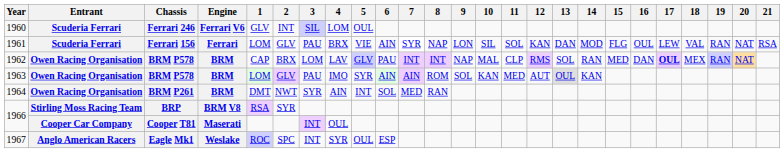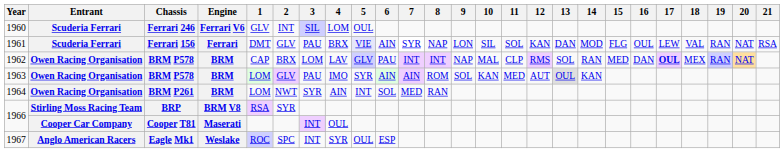 <table class="wikitable" style="text-align:center; font-size:90%">
 <tr>
 <th>Year</th>
 <th>Entrant</th>
 <th>Chassis</th>
 <th>Engine</th>
 <th>1</th>
 <th>2</th>
 <th>3</th>
 <th>4</th>
 <th>5</th>
 <th>6</th>
 <th>7</th>
 <th>8</th>
 <th>9</th>
 <th>10</th>
 <th>11</th>
 <th>12</th>
 <th>13</th>
 <th>14</th>
 <th>15</th>
 <th>16</th>
 <th>17</th>
 <th>18</th>
 <th>19</th>
 <th>20</th>
 <th>21</th>
 </tr>
 <tr>
 <td>1960</td>
 <th><a href='#'>Scuderia Ferrari</a></th>
 <th><a href='#'>Ferrari</a> <a href='#'>246</a></th>
 <th><a href='#'>Ferrari</a> <a href='#'>V6</a></th>
 <td><a href='#'>GLV</a></td>
 <td><a href='#'>INT</a></td>
 <td style="background:#CFCFFF;"><a href='#'>SIL</a><br></td>
 <td><a href='#'>LOM</a></td>
 <td><a href='#'>OUL</a></td>
 <td></td>
 <td></td>
 <td></td>
 <td></td>
 <td></td>
 <td></td>
 <td></td>
 <td></td>
 <td></td>
 <td></td>
 <td></td>
 <td></td>
 <td></td>
 <td></td>
 <td></td>
 <td></td>
 </tr>
 <tr>
 <td>1961</td>
 <th><a href='#'>Scuderia Ferrari</a></th>
 <th><a href='#'>Ferrari</a> <a href='#'>156</a></th>
 <th><a href='#'>Ferrari</a></th>
-<td><a href='#'>LOM</a></td>
+<td><a href='#'>DMT</a><br></td>
 <td><a href='#'>GLV</a></td>
 <td><a href='#'>PAU</a></td>
 <td><a href='#'>BRX</a></td>
-<td><a href='#'>VIE</a></td>
+<td style="background: lavender;"><a href='#'>VIE</a></td>
 <td><a href='#'>AIN</a></td>
 <td style="background:#FFFFFF;"><a href='#'>SYR</a><br></td>
 <td><a href='#'>NAP</a></td>
 <td><a href='#'>LON</a></td>
 <td><a href='#'>SIL</a></td>
 <td><a href='#'>SOL</a></td>
 <td><a href='#'>KAN</a></td>
 <td><a href='#'>DAN</a></td>
 <td><a href='#'>MOD</a></td>
 <td><a href='#'>FLG</a></td>
 <td><a href='#'>OUL</a></td>
 <td><a href='#'>LEW</a></td>
 <td><a href='#'>VAL</a></td>
 <td><a href='#'>RAN</a></td>
 <td><a href='#'>NAT</a></td>
 <td><a href='#'>RSA</a></td>
 </tr>
 <tr>
 <td>1962</td>
 <th><a href='#'>Owen Racing Organisation</a></th>
 <th><a href='#'>BRM</a> <a href='#'>P578</a></th>
 <th><a href='#'>BRM</a></th>
 <td><a href='#'>CAP</a></td>
 <td><a href='#'>BRX</a></td>
 <td><a href='#'>LOM</a><br></td>
 <td><a href='#'>LAV</a></td>
 <td style="background:#CFCFFF;"><a href='#'>GLV</a><br></td>
 <td><a href='#'>PAU</a></td>
 <td style="background:#EFCFFF;"><a href='#'>INT</a><br></td>
 <td style="background:#EFCFFF;"><a href='#'>INT</a><br></td>
 <td><a href='#'>NAP</a></td>
 <td><a href='#'>MAL</a></td>
 <td><a href='#'>CLP</a></td>
 <td style="background:#EFCFFF;"><a href='#'>RMS</a><br></td>
 <td><a href='#'>SOL</a></td>
 <td><a href='#'>RAN</a></td>
 <td><a href='#'>MED</a></td>
 <td><a href='#'>DAN</a></td>
 <td style="background:#EFCFFF;"><strong><a href='#'>OUL</a></strong><br></td>
 <td><a href='#'>MEX</a></td>
 <td style="background:#CFCFFF;"><a href='#'>RAN</a><br></td>
 <td style="background:#FFDF9F;"><a href='#'>NAT</a><br></td>
 <td></td>
 </tr>
 <tr>
 <td>1963</td>
 <th><a href='#'>Owen Racing Organisation</a></th>
 <th><a href='#'>BRM</a> <a href='#'>P578</a></th>
 <th><a href='#'>BRM</a></th>
 <td style="background:#DFFFDF;"><a href='#'>LOM</a><br></td>
 <td style="background:#EFCFFF;"><a href='#'>GLV</a><br></td>
 <td><a href='#'>PAU</a></td>
 <td><a href='#'>IMO</a></td>
 <td><a href='#'>SYR</a></td>
 <td style="background:#DFFFDF;"><a href='#'>AIN</a><br></td>
 <td style="background:#EFCFFF;"><a href='#'>AIN</a><br></td>
 <td><a href='#'>ROM</a></td>
 <td><a href='#'>SOL</a></td>
 <td><a href='#'>KAN</a></td>
 <td><a href='#'>MED</a></td>
 <td><a href='#'>AUT</a></td>
 <td style="background:#DFDFDF;"><a href='#'>OUL</a><br></td>
 <td><a href='#'>KAN</a></td>
 <td></td>
 <td></td>
 <td></td>
 <td></td>
 <td></td>
 <td></td>
 <td></td>
 </tr>
 <tr>
 <td>1964</td>
 <th><a href='#'>Owen Racing Organisation</a></th>
 <th><a href='#'>BRM</a> <a href='#'>P261</a></th>
 <th><a href='#'>BRM</a></th>
-<td><a href='#'>DMT</a><br></td>
+<td><a href='#'>LOM</a></td>
 <td><a href='#'>NWT</a></td>
 <td><a href='#'>SYR</a></td>
 <td><a href='#'>AIN</a><br></td>
 <td><a href='#'>INT</a><br></td>
 <td><a href='#'>SOL</a></td>
 <td><a href='#'>MED</a></td>
 <td><a href='#'>RAN</a></td>
 <td></td>
 <td></td>
 <td></td>
 <td></td>
 <td></td>
 <td></td>
 <td></td>
 <td></td>
 <td></td>
 <td></td>
 <td></td>
 <td></td>
 <td></td>
 </tr>
 <tr>
 <td rowspan=2>1966</td>
 <th><a href='#'>Stirling Moss Racing Team</a></th>
 <th><a href='#'>BRP</a></th>
 <th><a href='#'>BRM</a> <a href='#'>V8</a></th>
 <td style="background:#EFCFFF;"><a href='#'>RSA</a><br></td>
 <td><a href='#'>SYR</a></td>
 <td></td>
 <td></td>
 <td></td>
 <td></td>
 <td></td>
 <td></td>
 <td></td>
 <td></td>
 <td></td>
 <td></td>
 <td></td>
 <td></td>
 <td></td>
 <td></td>
 <td></td>
 <td></td>
 <td></td>
 <td></td>
 <td></td>
 </tr>
 <tr>
 <th><a href='#'>Cooper Car Company</a></th>
 <th><a href='#'>Cooper</a> <a href='#'>T81</a></th>
 <th><a href='#'>Maserati</a></th>
 <td></td>
 <td></td>
 <td style="background:#EFCFFF;"><a href='#'>INT</a><br></td>
 <td><a href='#'>OUL</a></td>
 <td></td>
 <td></td>
 <td></td>
 <td></td>
 <td></td>
 <td></td>
 <td></td>
 <td></td>
 <td></td>
 <td></td>
 <td></td>
 <td></td>
 <td></td>
 <td></td>
 <td></td>
 <td></td>
 <td></td>
 </tr>
 <tr>
 <td>1967</td>
 <th><a href='#'>Anglo American Racers</a></th>
 <th><a href='#'>Eagle</a> <a href='#'>Mk1</a></th>
 <th><a href='#'>Weslake</a></th>
 <td style="background:#CFCFFF;"><a href='#'>ROC</a><br></td>
 <td><a href='#'>SPC</a></td>
 <td><a href='#'>INT</a></td>
 <td><a href='#'>SYR</a></td>
 <td><a href='#'>OUL</a></td>
 <td><a href='#'>ESP</a></td>
 <td></td>
 <td></td>
 <td></td>
 <td></td>
 <td></td>
 <td></td>
 <td></td>
 <td></td>
 <td></td>
 <td></td>
 <td></td>
 <td></td>
 <td></td>
 <td></td>
 <td></td>
 </tr>
 </table>
